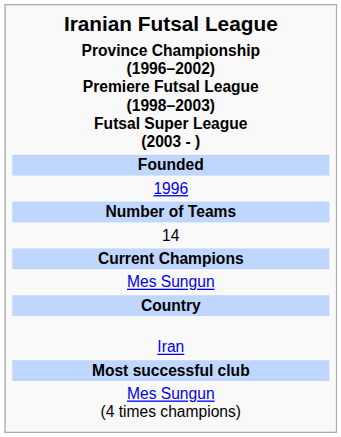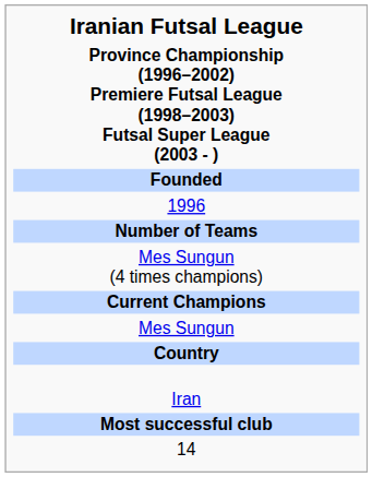 <table class="infobox football" style="width: 16em; text-align: center;">
 <tr>
 <th style="font-size: 16px;">Iranian Futsal League</th>
 </tr>
 <tr>
 <th style="font-size: 12px;">Province Championship <br> (1996–2002) <br> Premiere Futsal League <br> (1998–2003) <br> Futsal Super League <br> (2003 - )</th>
 </tr>
 <tr>
 <td style="font-size: 12px; background: #BFD7FF;"><strong>Founded</strong></td>
 </tr>
 <tr>
 <td style="font-size: 12px;"><a href='#'>1996</a></td>
 </tr>
 <tr>
 <td style="font-size: 12px; background: #BFD7FF;"><strong>Number of Teams</strong></td>
 </tr>
 <tr>
-<td style="font-size: 12px;">14</td>
+<td style="font-size: 12px;"><a href='#'>Mes Sungun</a><br>(4 times champions)</td>
 </tr>
 <tr>
 <td style="font-size: 12px; background: #BFD7FF;"><strong>Current Champions</strong></td>
 </tr>
 <tr>
 <td style="font-size: 12px;"><a href='#'>Mes Sungun</a></td>
 </tr>
 <tr>
 <td style="font-size: 12px; background: #BFD7FF;"><strong>Country</strong></td>
 </tr>
 <tr>
 <td style="font-size: 12px;"> <br> <a href='#'>Iran</a></td>
 </tr>
 <tr>
 <td style="font-size: 12px; background: #BFD7FF;"><strong>Most successful club</strong></td>
 </tr>
 <tr>
-<td style="font-size: 12px;"><a href='#'>Mes Sungun</a><br>(4 times champions)</td>
+<td style="font-size: 12px;">14</td>
 </tr>
 <tr>
 </tr>
 </table>
